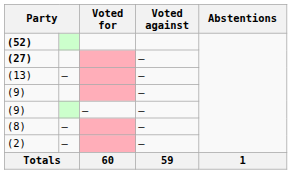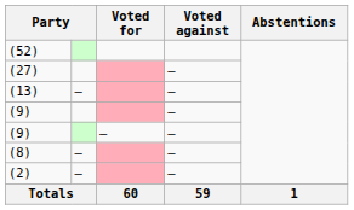 <table class="wikitable" style="width:40%;">
 <tr>
 <th style="width:20%;" colspan="2">Party</th>
 <th style="width:15%;">Voted for</th>
 <th style="width:15%;">Voted against</th>
 <th style="width:15%;">Abstentions</th>
 </tr>
 <tr>
-<td><strong> (52)</strong></td>
+<td> (52)</td>
 <td style="background-color:#CCFFCC;"></td>
 <td></td>
 <td></td>
 </tr>
 <tr>
-<td><strong> (27)</strong></td>
+<td> (27)</td>
 <td></td>
 <td style="background-color:#FFAEB9;"></td>
 <td>–</td>
 </tr>
 <tr>
 <td> (13)</td>
 <td>–</td>
 <td style="background-color:#FFAEB9;"></td>
 <td>–</td>
 </tr>
 <tr>
 <td> (9)</td>
 <td></td>
 <td style="background-color:#FFAEB9;"></td>
 <td>–</td>
 </tr>
 <tr>
 <td> (9)</td>
 <td style="background-color:#CCFFCC;"></td>
 <td>–</td>
 <td>–</td>
 </tr>
 <tr>
 <td> (8)</td>
 <td>–</td>
 <td style="background-color:#FFAEB9;"></td>
 <td>–</td>
 </tr>
 <tr>
 <td> (2)</td>
 <td>–</td>
 <td style="background-color:#FFAEB9;"></td>
 <td>–</td>
 </tr>
 <tr>
 <th colspan=2>Totals</th>
 <th>60</th>
 <th>59</th>
 <th>1</th>
 </tr>
 </table>
